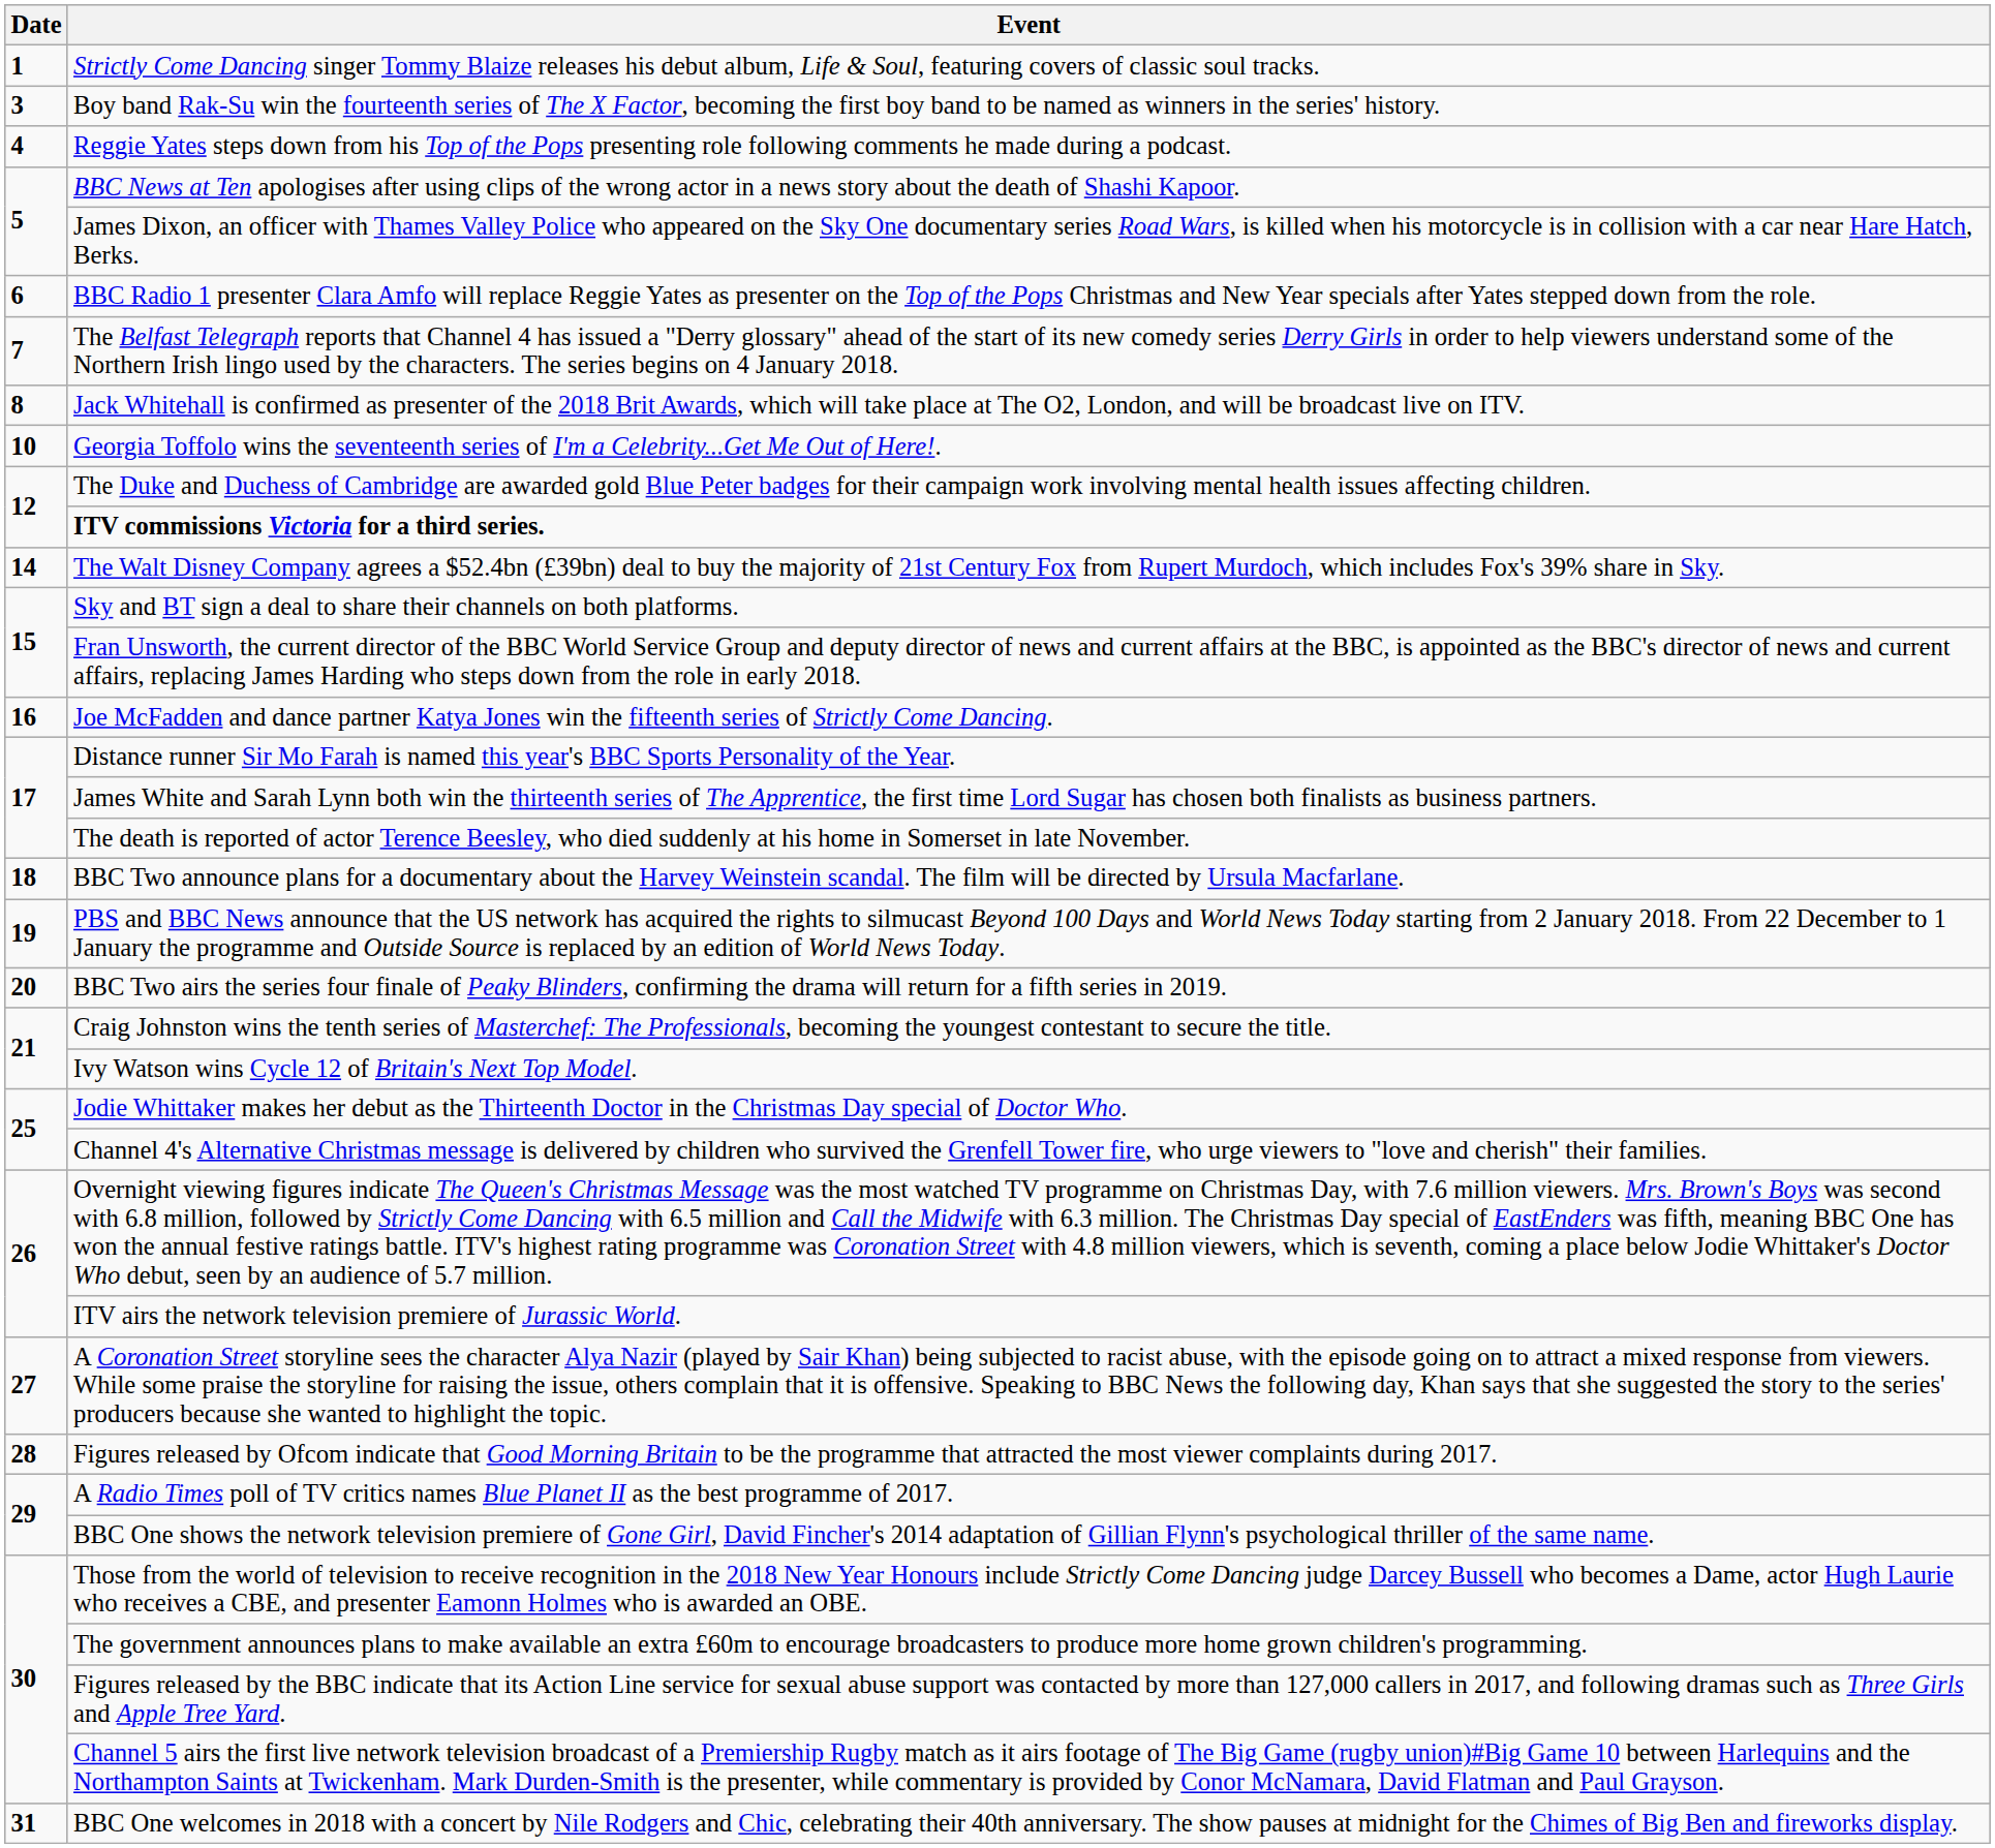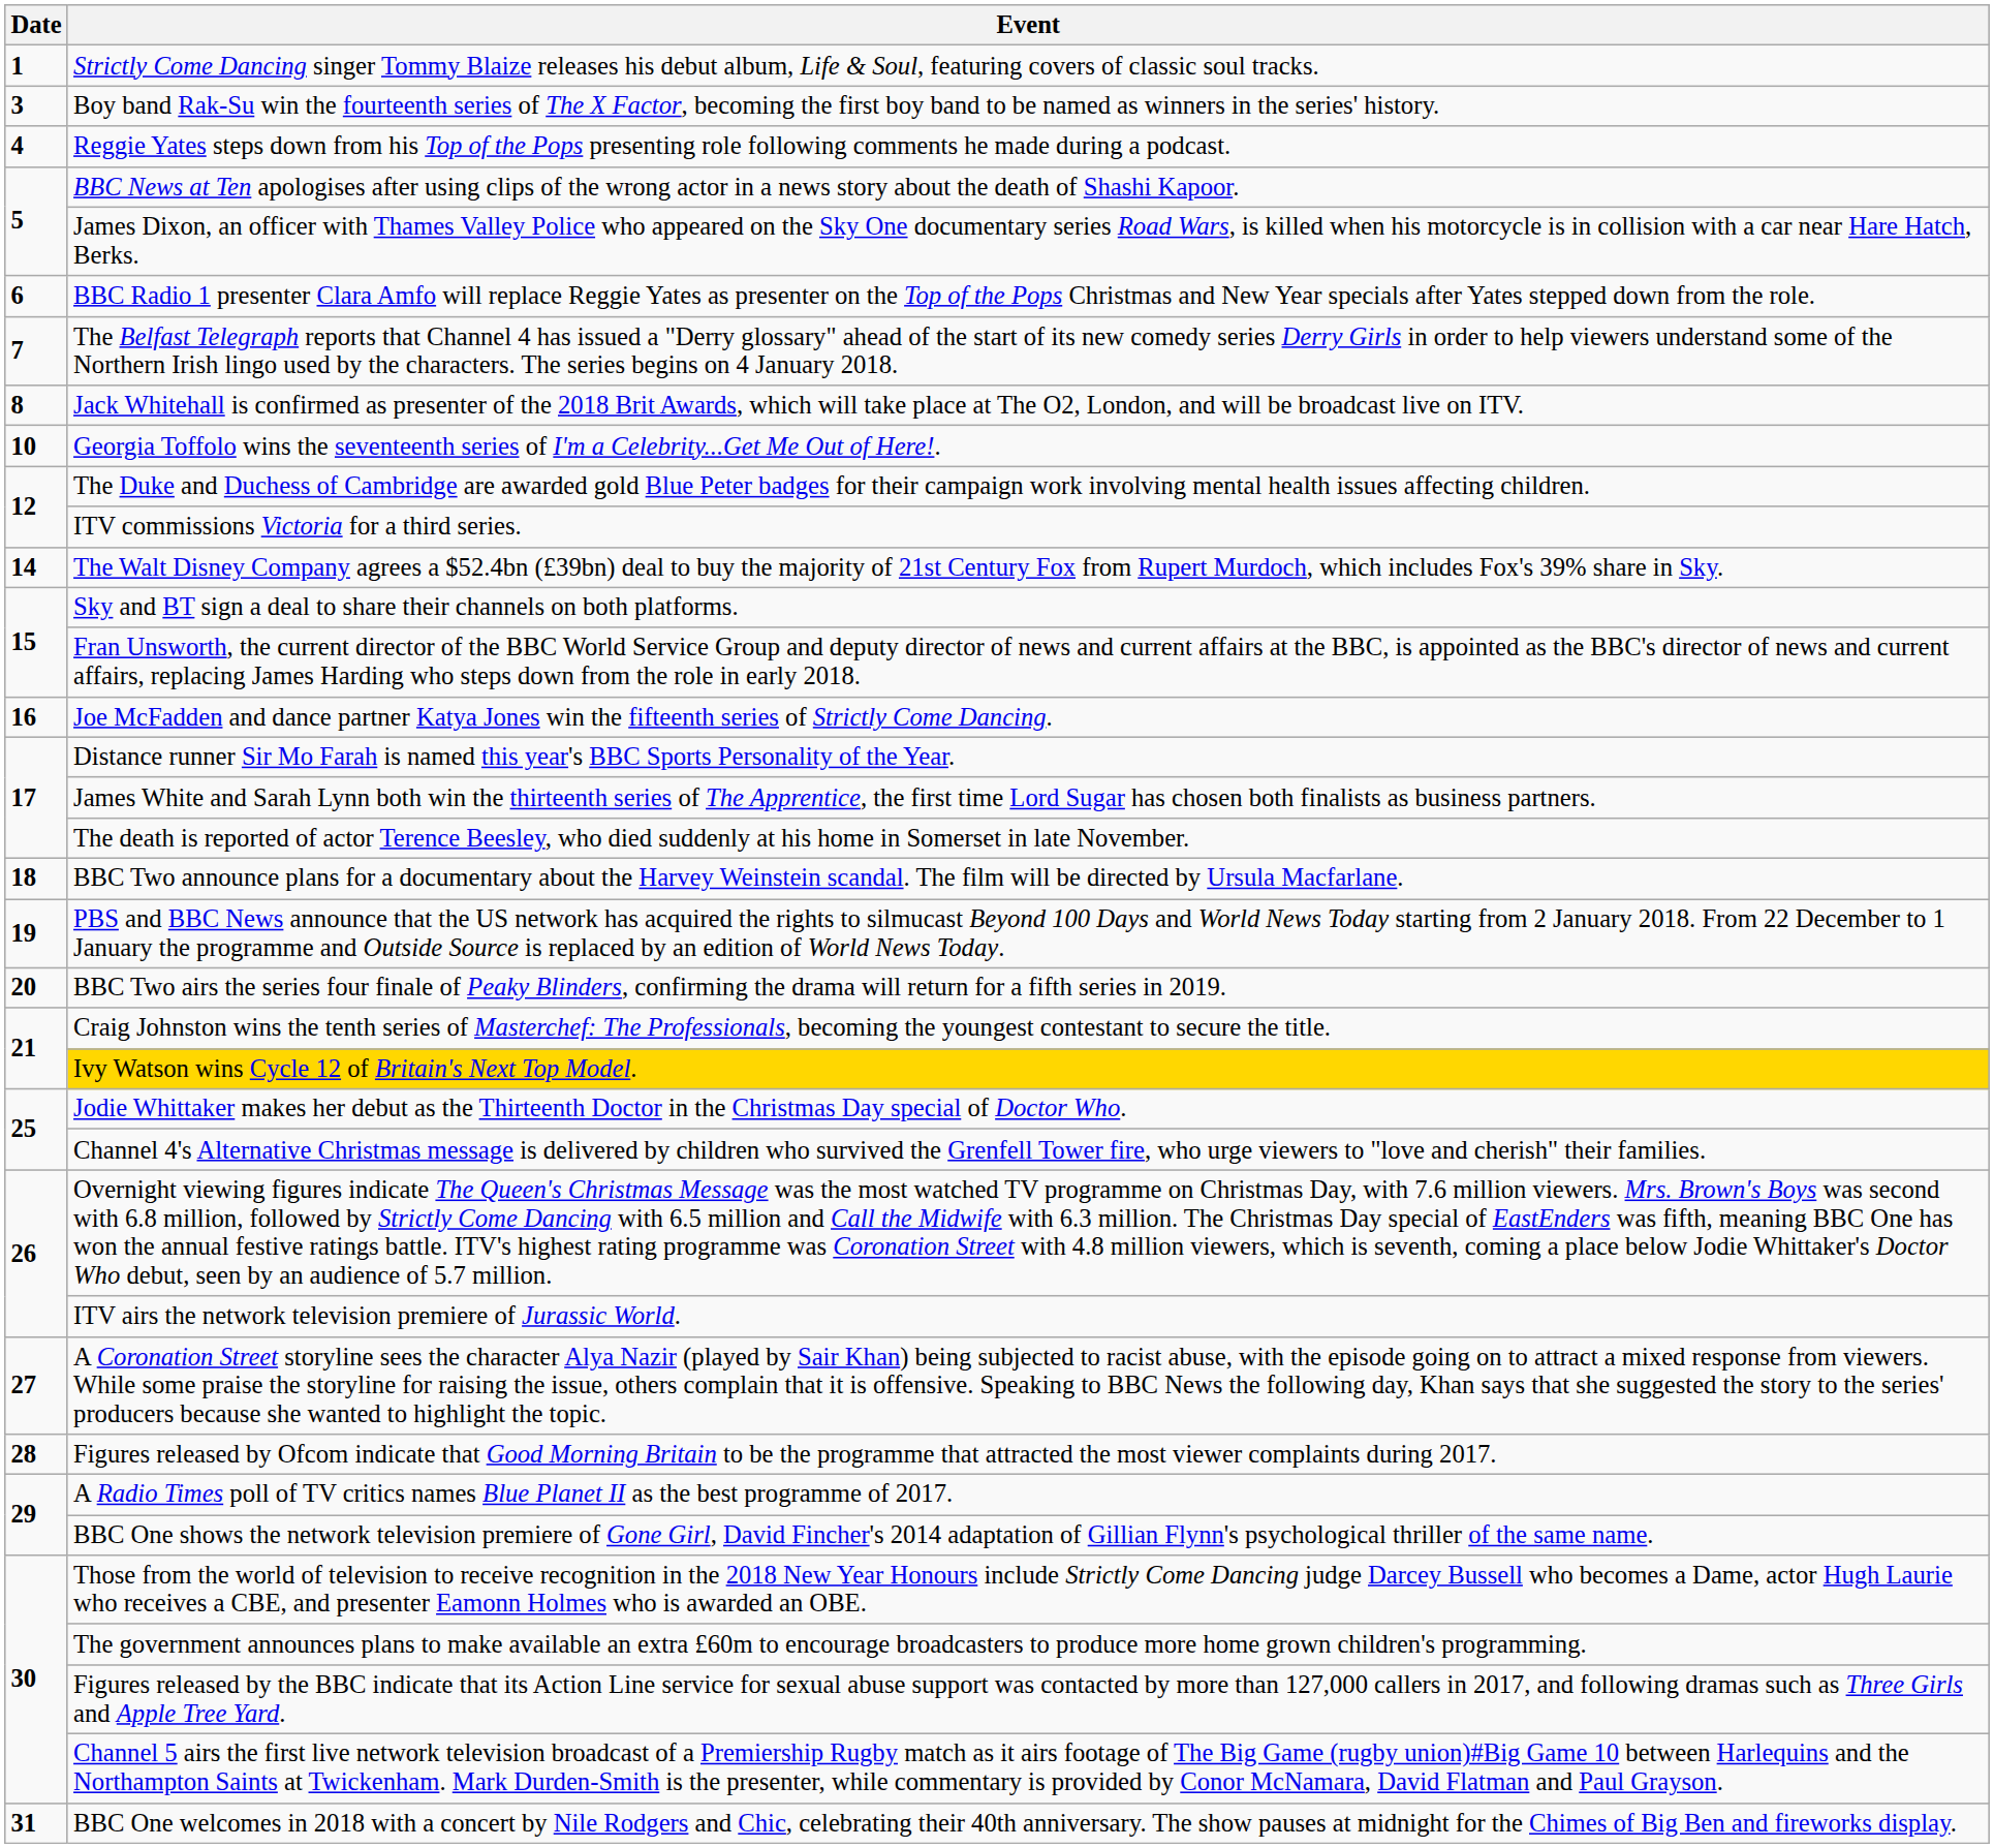 <table class="wikitable">
 <tr>
 <th>Date</th>
 <th>Event</th>
 </tr>
 <tr>
 <td><strong>1</strong></td>
 <td><em><a href='#'>Strictly Come Dancing</a></em> singer <a href='#'>Tommy Blaize</a> releases his debut album, <em>Life & Soul</em>, featuring covers of classic soul tracks.</td>
 </tr>
 <tr>
 <td><strong>3</strong></td>
 <td>Boy band <a href='#'>Rak-Su</a> win the <a href='#'>fourteenth series</a> of <em><a href='#'>The X Factor</a></em>, becoming the first boy band to be named as winners in the series' history.</td>
 </tr>
 <tr>
 <td><strong>4</strong></td>
 <td><a href='#'>Reggie Yates</a> steps down from his <em><a href='#'>Top of the Pops</a></em> presenting role following comments he made during a podcast.</td>
 </tr>
 <tr>
 <td rowspan=2><strong>5</strong></td>
 <td><em><a href='#'>BBC News at Ten</a></em> apologises after using clips of the wrong actor in a news story about the death of <a href='#'>Shashi Kapoor</a>.</td>
 </tr>
 <tr>
 <td>James Dixon, an officer with <a href='#'>Thames Valley Police</a> who appeared on the <a href='#'>Sky One</a> documentary series <em><a href='#'>Road Wars</a></em>, is killed when his motorcycle is in collision with a car near <a href='#'>Hare Hatch</a>, Berks.</td>
 </tr>
 <tr>
 <td><strong>6</strong></td>
 <td><a href='#'>BBC Radio 1</a> presenter <a href='#'>Clara Amfo</a> will replace Reggie Yates as presenter on the <em><a href='#'>Top of the Pops</a></em> Christmas and New Year specials after Yates stepped down from the role.</td>
 </tr>
 <tr>
 <td><strong>7</strong></td>
 <td>The <em><a href='#'>Belfast Telegraph</a></em> reports that Channel 4 has issued a "Derry glossary" ahead of the start of its new comedy series <em><a href='#'>Derry Girls</a></em> in order to help viewers understand some of the Northern Irish lingo used by the characters. The series begins on 4 January 2018.</td>
 </tr>
 <tr>
 <td><strong>8</strong></td>
 <td><a href='#'>Jack Whitehall</a> is confirmed as presenter of the <a href='#'>2018 Brit Awards</a>, which will take place at The O2, London, and will be broadcast live on ITV.</td>
 </tr>
 <tr>
 <td><strong>10</strong></td>
 <td><a href='#'>Georgia Toffolo</a> wins the <a href='#'>seventeenth series</a> of <em><a href='#'>I'm a Celebrity...Get Me Out of Here!</a></em>.</td>
 </tr>
 <tr>
 <td rowspan=2><strong>12</strong></td>
 <td>The <a href='#'>Duke</a> and <a href='#'>Duchess of Cambridge</a> are awarded gold <a href='#'>Blue Peter badges</a> for their campaign work involving mental health issues affecting children.</td>
 </tr>
 <tr>
-<td><strong>ITV commissions <em><a href='#'>Victoria</a></em> for a third series.</strong></td>
+<td>ITV commissions <em><a href='#'>Victoria</a></em> for a third series.</td>
 </tr>
 <tr>
 <td><strong>14</strong></td>
 <td><a href='#'>The Walt Disney Company</a> agrees a $52.4bn (£39bn) deal to buy the majority of <a href='#'>21st Century Fox</a> from <a href='#'>Rupert Murdoch</a>, which includes Fox's 39% share in <a href='#'>Sky</a>.</td>
 </tr>
 <tr>
 <td rowspan=2><strong>15</strong></td>
 <td><a href='#'>Sky</a> and <a href='#'>BT</a> sign a deal to share their channels on both platforms.</td>
 </tr>
 <tr>
 <td><a href='#'>Fran Unsworth</a>, the current director of the BBC World Service Group and deputy director of news and current affairs at the BBC, is appointed as the BBC's director of news and current affairs, replacing James Harding who steps down from the role in early 2018.</td>
 </tr>
 <tr>
 <td><strong>16</strong></td>
 <td><a href='#'>Joe McFadden</a> and dance partner <a href='#'>Katya Jones</a> win the <a href='#'>fifteenth series</a> of <em><a href='#'>Strictly Come Dancing</a></em>.</td>
 </tr>
 <tr>
 <td rowspan=3><strong>17</strong></td>
 <td>Distance runner <a href='#'>Sir Mo Farah</a> is named <a href='#'>this year</a>'s <a href='#'>BBC Sports Personality of the Year</a>.</td>
 </tr>
 <tr>
 <td>James White and Sarah Lynn both win the <a href='#'>thirteenth series</a> of <em><a href='#'>The Apprentice</a></em>, the first time <a href='#'>Lord Sugar</a> has chosen both finalists as business partners.</td>
 </tr>
 <tr>
 <td>The death is reported of actor <a href='#'>Terence Beesley</a>, who died suddenly at his home in Somerset in late November.</td>
 </tr>
 <tr>
 <td><strong>18</strong></td>
 <td>BBC Two announce plans for a documentary about the <a href='#'>Harvey Weinstein scandal</a>. The film will be directed by <a href='#'>Ursula Macfarlane</a>.</td>
 </tr>
 <tr>
 <td><strong>19</strong></td>
 <td><a href='#'>PBS</a> and <a href='#'>BBC News</a> announce that the US network has acquired the rights to silmucast <em>Beyond 100 Days</em> and <em>World News Today</em> starting from 2 January 2018. From 22 December to 1 January the programme and <em>Outside Source</em> is replaced by an edition of <em>World News Today</em>.</td>
 </tr>
 <tr>
 <td><strong>20</strong></td>
 <td>BBC Two airs the series four finale of <em><a href='#'>Peaky Blinders</a></em>, confirming the drama will return for a fifth series in 2019.</td>
 </tr>
 <tr>
 <td rowspan=2><strong>21</strong></td>
 <td>Craig Johnston wins the tenth series of <em><a href='#'>Masterchef: The Professionals</a></em>, becoming the youngest contestant to secure the title.</td>
 </tr>
 <tr>
-<td>Ivy Watson wins <a href='#'>Cycle 12</a> of <em><a href='#'>Britain's Next Top Model</a></em>.</td>
+<td style="background: gold;">Ivy Watson wins <a href='#'>Cycle 12</a> of <em><a href='#'>Britain's Next Top Model</a></em>.</td>
 </tr>
 <tr>
 <td rowspan=2><strong>25</strong></td>
 <td><a href='#'>Jodie Whittaker</a> makes her debut as the <a href='#'>Thirteenth Doctor</a> in the <a href='#'>Christmas Day special</a> of <em><a href='#'>Doctor Who</a></em>.</td>
 </tr>
 <tr>
 <td>Channel 4's <a href='#'>Alternative Christmas message</a> is delivered by children who survived the <a href='#'>Grenfell Tower fire</a>, who urge viewers to "love and cherish" their families.</td>
 </tr>
 <tr>
 <td rowspan=2><strong>26</strong></td>
 <td>Overnight viewing figures indicate <em><a href='#'>The Queen's Christmas Message</a></em> was the most watched TV programme on Christmas Day, with 7.6 million viewers. <em><a href='#'>Mrs. Brown's Boys</a></em> was second with 6.8 million, followed by <em><a href='#'>Strictly Come Dancing</a></em> with 6.5 million and <em><a href='#'>Call the Midwife</a></em> with 6.3 million. The Christmas Day special of <em><a href='#'>EastEnders</a></em> was fifth, meaning BBC One has won the annual festive ratings battle. ITV's highest rating programme was <em><a href='#'>Coronation Street</a></em> with 4.8 million viewers, which is seventh, coming a place below Jodie Whittaker's <em>Doctor Who</em> debut, seen by an audience of 5.7 million.</td>
 </tr>
 <tr>
 <td>ITV airs the network television premiere of <em><a href='#'>Jurassic World</a></em>.</td>
 </tr>
 <tr>
 <td><strong>27</strong></td>
 <td>A <em><a href='#'>Coronation Street</a></em> storyline sees the character <a href='#'>Alya Nazir</a> (played by <a href='#'>Sair Khan</a>) being subjected to racist abuse, with the episode going on to attract a mixed response from viewers. While some praise the storyline for raising the issue, others complain that it is offensive. Speaking to BBC News the following day, Khan says that she suggested the story to the series' producers because she wanted to highlight the topic.</td>
 </tr>
 <tr>
 <td><strong>28</strong></td>
 <td>Figures released by Ofcom indicate that <em><a href='#'>Good Morning Britain</a></em> to be the programme that attracted the most viewer complaints during 2017.</td>
 </tr>
 <tr>
 <td rowspan=2><strong>29</strong></td>
 <td>A <em><a href='#'>Radio Times</a></em> poll of TV critics names <em><a href='#'>Blue Planet II</a></em> as the best programme of 2017.</td>
 </tr>
 <tr>
 <td>BBC One shows the network television premiere of <em><a href='#'>Gone Girl</a></em>, <a href='#'>David Fincher</a>'s 2014 adaptation of <a href='#'>Gillian Flynn</a>'s psychological thriller <a href='#'>of the same name</a>.</td>
 </tr>
 <tr>
 <td rowspan=4><strong>30</strong></td>
 <td>Those from the world of television to receive recognition in the <a href='#'>2018 New Year Honours</a> include <em>Strictly Come Dancing</em> judge <a href='#'>Darcey Bussell</a> who becomes a Dame, actor <a href='#'>Hugh Laurie</a> who receives a CBE, and presenter <a href='#'>Eamonn Holmes</a> who is awarded an OBE.</td>
 </tr>
 <tr>
 <td>The government announces plans to make available an extra £60m to encourage broadcasters to produce more home grown children's programming.</td>
 </tr>
 <tr>
 <td>Figures released by the BBC indicate that its Action Line service for sexual abuse support was contacted by more than 127,000 callers in 2017, and following dramas such as <em><a href='#'>Three Girls</a></em> and <em><a href='#'>Apple Tree Yard</a></em>.</td>
 </tr>
 <tr>
 <td><a href='#'>Channel 5</a> airs the first live network television broadcast of a <a href='#'>Premiership Rugby</a> match as it airs footage of <a href='#'>The Big Game (rugby union)#Big Game 10</a> between <a href='#'>Harlequins</a> and the <a href='#'>Northampton Saints</a> at <a href='#'>Twickenham</a>. <a href='#'>Mark Durden-Smith</a> is the presenter, while commentary is provided by <a href='#'>Conor McNamara</a>, <a href='#'>David Flatman</a> and <a href='#'>Paul Grayson</a>.</td>
 </tr>
 <tr>
 <td><strong>31</strong></td>
 <td>BBC One welcomes in 2018 with a concert by <a href='#'>Nile Rodgers</a> and <a href='#'>Chic</a>, celebrating their 40th anniversary. The show pauses at midnight for the <a href='#'>Chimes of Big Ben and fireworks display</a>.</td>
 </tr>
 </table>
